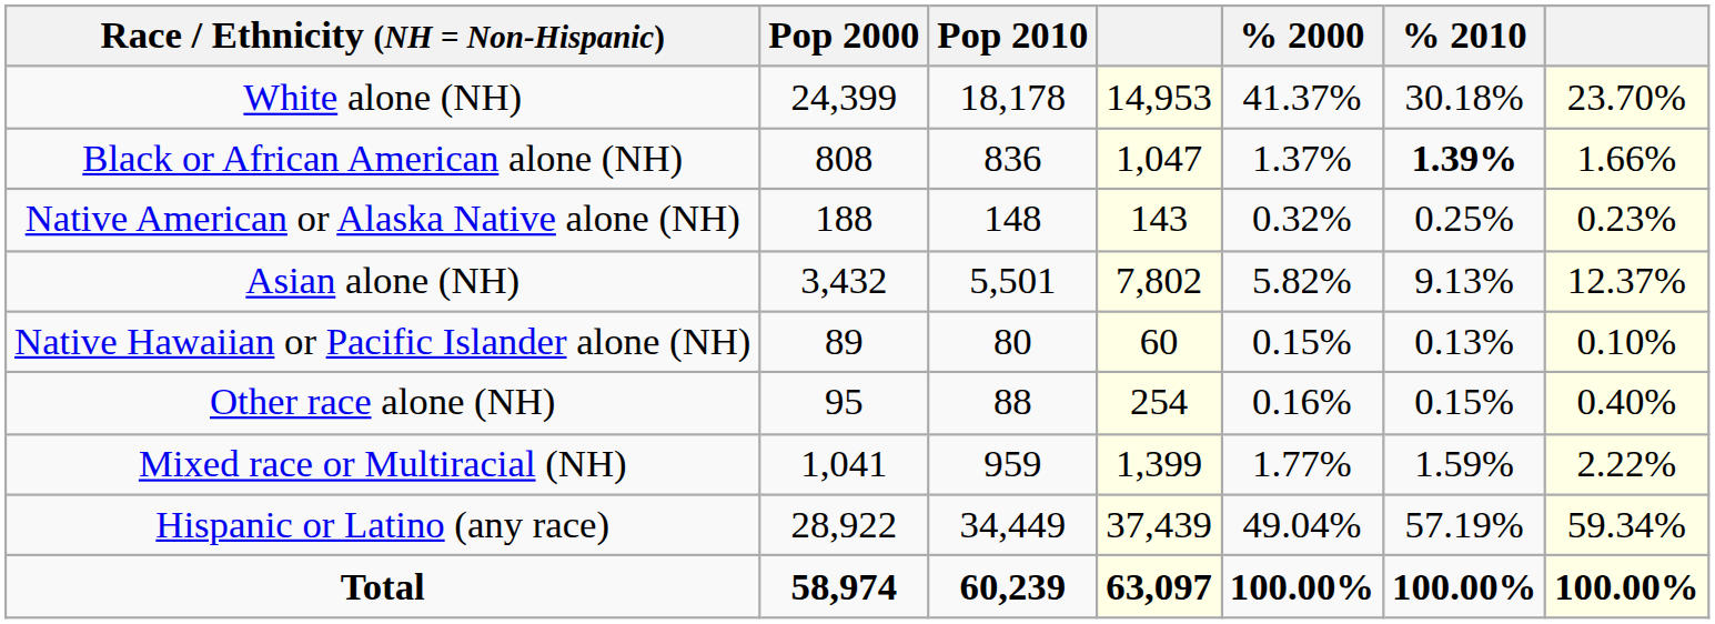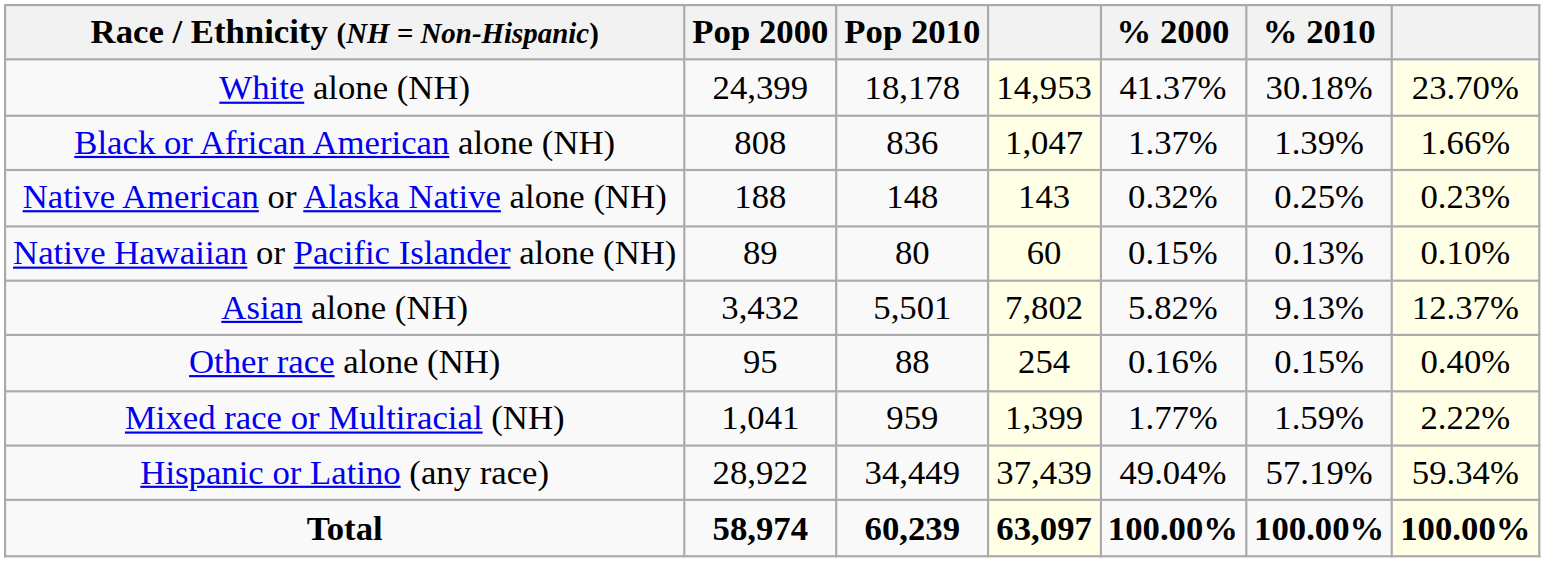 <table class="wikitable" style="text-align:center;">
 <tr>
 <th>Race / Ethnicity <small>(<em>NH = Non-Hispanic</em>)</small></th>
 <th>Pop 2000</th>
 <th>Pop 2010</th>
 <th></th>
 <th>% 2000</th>
 <th>% 2010</th>
 <th></th>
 </tr>
 <tr>
 <td><a href='#'>White</a> alone (NH)</td>
 <td>24,399</td>
 <td>18,178</td>
 <td style='background: #ffffe6;'>14,953</td>
 <td>41.37%</td>
 <td>30.18%</td>
 <td style='background: #ffffe6;'>23.70%</td>
 </tr>
 <tr>
 <td><a href='#'>Black or African American</a> alone (NH)</td>
 <td>808</td>
 <td>836</td>
 <td style='background: #ffffe6;'>1,047</td>
 <td>1.37%</td>
-<td><strong>1.39%</strong></td>
+<td>1.39%</td>
 <td style='background: #ffffe6;'>1.66%</td>
 </tr>
 <tr>
 <td><a href='#'>Native American</a> or <a href='#'>Alaska Native</a> alone (NH)</td>
 <td>188</td>
 <td>148</td>
 <td style='background: #ffffe6;'>143</td>
 <td>0.32%</td>
 <td>0.25%</td>
 <td style='background: #ffffe6;'>0.23%</td>
 </tr>
 <tr>
+<td><a href='#'>Native Hawaiian</a> or <a href='#'>Pacific Islander</a> alone (NH)</td>
+<td>89</td>
+<td>80</td>
+<td style='background: #ffffe6;'>60</td>
+<td>0.15%</td>
+<td>0.13%</td>
+<td style='background: #ffffe6;'>0.10%</td>
+</tr>
+<tr>
 <td><a href='#'>Asian</a> alone (NH)</td>
 <td>3,432</td>
 <td>5,501</td>
 <td style='background: #ffffe6;'>7,802</td>
 <td>5.82%</td>
 <td>9.13%</td>
 <td style='background: #ffffe6;'>12.37%</td>
-</tr>
-<tr>
-<td><a href='#'>Native Hawaiian</a> or <a href='#'>Pacific Islander</a> alone (NH)</td>
-<td>89</td>
-<td>80</td>
-<td style='background: #ffffe6;'>60</td>
-<td>0.15%</td>
-<td>0.13%</td>
-<td style='background: #ffffe6;'>0.10%</td>
 </tr>
 <tr>
 <td><a href='#'>Other race</a> alone (NH)</td>
 <td>95</td>
 <td>88</td>
 <td style='background: #ffffe6;'>254</td>
 <td>0.16%</td>
 <td>0.15%</td>
 <td style='background: #ffffe6;'>0.40%</td>
 </tr>
 <tr>
 <td><a href='#'>Mixed race or Multiracial</a> (NH)</td>
 <td>1,041</td>
 <td>959</td>
 <td style='background: #ffffe6;'>1,399</td>
 <td>1.77%</td>
 <td>1.59%</td>
 <td style='background: #ffffe6;'>2.22%</td>
 </tr>
 <tr>
 <td><a href='#'>Hispanic or Latino</a> (any race)</td>
 <td>28,922</td>
 <td>34,449</td>
 <td style='background: #ffffe6;'>37,439</td>
 <td>49.04%</td>
 <td>57.19%</td>
 <td style='background: #ffffe6;'>59.34%</td>
 </tr>
 <tr>
 <td><strong>Total</strong></td>
 <td><strong>58,974</strong></td>
 <td><strong>60,239</strong></td>
 <td style='background: #ffffe6;'><strong>63,097</strong></td>
 <td><strong>100.00%</strong></td>
 <td><strong>100.00%</strong></td>
 <td style='background: #ffffe6;'><strong>100.00%</strong></td>
 </tr>
 </table>
